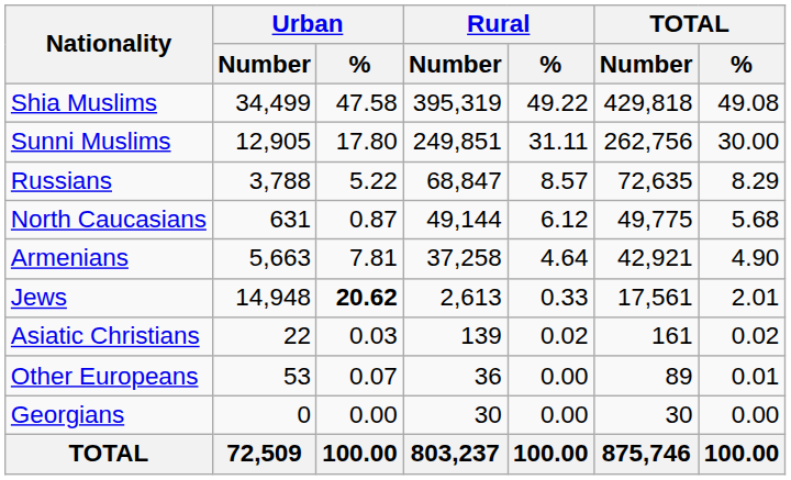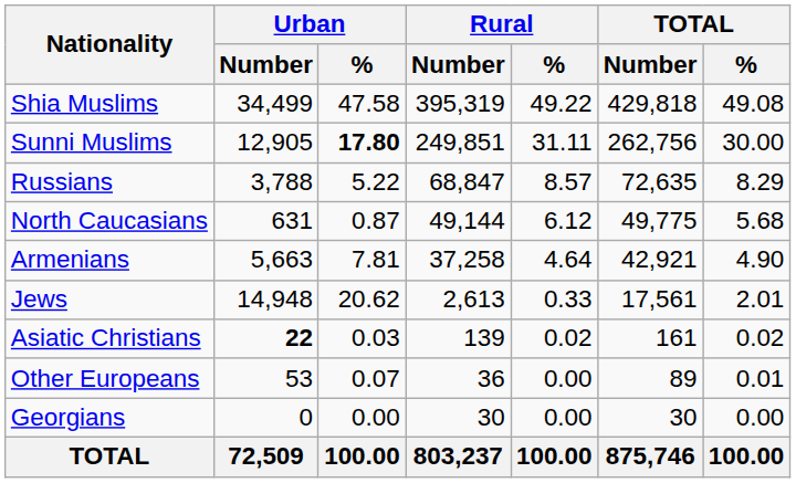 <table class="wikitable sortable">
 <tr>
 <th rowspan="2">Nationality</th>
 <th colspan="2"><a href='#'>Urban</a></th>
 <th colspan="2"><a href='#'>Rural</a></th>
 <th colspan="2">TOTAL</th>
 </tr>
 <tr>
 <th>Number</th>
 <th>%</th>
 <th>Number</th>
 <th>%</th>
 <th>Number</th>
 <th>%</th>
 </tr>
 <tr>
 <td><a href='#'>Shia Muslims</a></td>
 <td align="right">34,499</td>
 <td align="right">47.58</td>
 <td align="right">395,319</td>
 <td align="right">49.22</td>
 <td align="right">429,818</td>
 <td align="right">49.08</td>
 </tr>
 <tr>
 <td><a href='#'>Sunni Muslims</a></td>
 <td align="right">12,905</td>
-<td align="right">17.80</td>
+<td align="right"><strong>17.80</strong></td>
 <td align="right">249,851</td>
 <td align="right">31.11</td>
 <td align="right">262,756</td>
 <td align="right">30.00</td>
 </tr>
 <tr>
 <td><a href='#'>Russians</a></td>
 <td align="right">3,788</td>
 <td align="right">5.22</td>
 <td align="right">68,847</td>
 <td align="right">8.57</td>
 <td align="right">72,635</td>
 <td align="right">8.29</td>
 </tr>
 <tr>
 <td><a href='#'>North Caucasians</a></td>
 <td align="right">631</td>
 <td align="right">0.87</td>
 <td align="right">49,144</td>
 <td align="right">6.12</td>
 <td align="right">49,775</td>
 <td align="right">5.68</td>
 </tr>
 <tr>
 <td><a href='#'>Armenians</a></td>
 <td align="right">5,663</td>
 <td align="right">7.81</td>
 <td align="right">37,258</td>
 <td align="right">4.64</td>
 <td align="right">42,921</td>
 <td align="right">4.90</td>
 </tr>
 <tr>
 <td><a href='#'>Jews</a></td>
 <td align="right">14,948</td>
-<td align="right"><strong>20.62</strong></td>
+<td align="right">20.62</td>
 <td align="right">2,613</td>
 <td align="right">0.33</td>
 <td align="right">17,561</td>
 <td align="right">2.01</td>
 </tr>
 <tr>
 <td><a href='#'>Asiatic Christians</a></td>
-<td align="right">22</td>
+<td align="right"><strong>22</strong></td>
 <td align="right">0.03</td>
 <td align="right">139</td>
 <td align="right">0.02</td>
 <td align="right">161</td>
 <td align="right">0.02</td>
 </tr>
 <tr>
 <td><a href='#'>Other Europeans</a></td>
 <td align="right">53</td>
 <td align="right">0.07</td>
 <td align="right">36</td>
 <td align="right">0.00</td>
 <td align="right">89</td>
 <td align="right">0.01</td>
 </tr>
 <tr>
 <td><a href='#'>Georgians</a></td>
 <td align="right">0</td>
 <td align="right">0.00</td>
 <td align="right">30</td>
 <td align="right">0.00</td>
 <td align="right">30</td>
 <td align="right">0.00</td>
 </tr>
 <tr>
 <th>TOTAL</th>
 <th>72,509</th>
 <th>100.00</th>
 <th>803,237</th>
 <th>100.00</th>
 <th>875,746</th>
 <th>100.00</th>
 </tr>
 </table>
